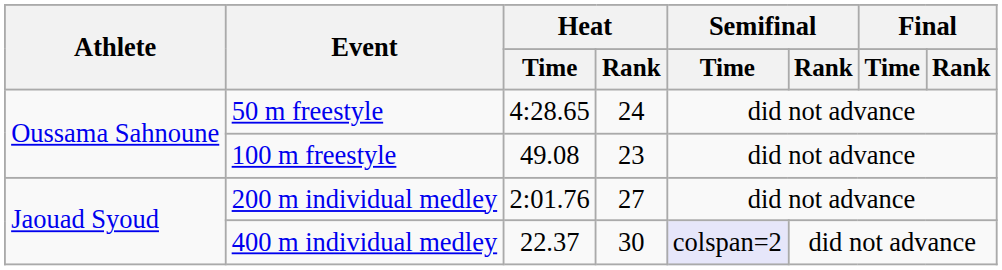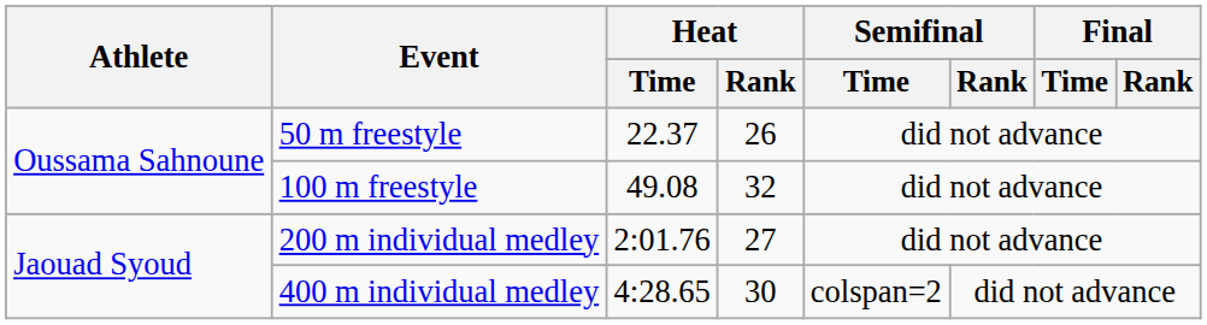 <table class="wikitable" style="text-align:center; font-size:90%">
 <tr>
 <th rowspan="2">Athlete</th>
 <th rowspan="2">Event</th>
 <th colspan="2">Heat</th>
 <th colspan="2">Semifinal</th>
 <th colspan="2">Final</th>
 </tr>
 <tr style="font-size:95%">
 <th>Time</th>
 <th>Rank</th>
 <th>Time</th>
 <th>Rank</th>
 <th>Time</th>
 <th>Rank</th>
 </tr>
 <tr>
 <td align=left rowspan=2><a href='#'>Oussama Sahnoune</a></td>
 <td align=left><a href='#'>50 m freestyle</a></td>
-<td>4:28.65</td>
-<td>24</td>
+<td>22.37</td>
+<td>26</td>
 <td colspan=4>did not advance</td>
 </tr>
 <tr>
 <td align=left><a href='#'>100 m freestyle</a></td>
 <td>49.08</td>
-<td>23</td>
+<td>32</td>
 <td colspan=4>did not advance</td>
 </tr>
 <tr>
 <td align=left rowspan=2><a href='#'>Jaouad Syoud</a></td>
 <td align=left><a href='#'>200 m individual medley</a></td>
 <td>2:01.76</td>
 <td>27</td>
 <td colspan=4>did not advance</td>
 </tr>
 <tr>
 <td align=left><a href='#'>400 m individual medley</a></td>
-<td>22.37</td>
+<td>4:28.65</td>
 <td>30</td>
-<td style="background: lavender;">colspan=2</td>
+<td>colspan=2</td>
 <td colspan=4>did not advance</td>
 </tr>
 </table>
